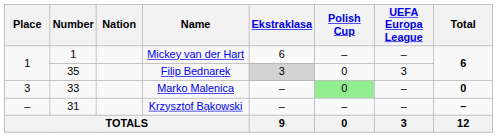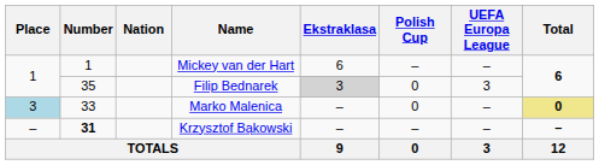 <table class="wikitable" style="font-size: 100%; text-align: center;">
 <tr>
 <th width=60>Place</th>
 <th width=60>Number</th>
 <th width=60>Nation</th>
 <th width=150>Name</th>
 <th width=80><a href='#'>Ekstraklasa</a></th>
 <th width=80><a href='#'>Polish Cup</a></th>
 <th width=80><a href='#'>UEFA Europa League</a></th>
 <th width=80>Total</th>
 </tr>
 <tr>
 <td rowspan="2">1</td>
 <td>1</td>
 <td></td>
 <td><a href='#'>Mickey van der Hart</a></td>
 <td>6</td>
 <td>–</td>
 <td>–</td>
 <td rowspan="2"><strong>6</strong></td>
 </tr>
 <tr>
 <td>35</td>
 <td></td>
 <td><a href='#'>Filip Bednarek</a></td>
 <td style="background: lightgrey;">3</td>
 <td>0</td>
 <td>3</td>
 </tr>
 <tr>
-<td rowspan="1">3</td>
+<td rowspan="1" style="background: lightblue;">3</td>
 <td>33</td>
 <td></td>
 <td><a href='#'>Marko Malenica</a></td>
 <td>–</td>
-<td style="background: lightgreen;">0</td>
+<td>0</td>
 <td>–</td>
-<td rowspan="1"><strong>0</strong></td>
+<td rowspan="1" style="background: khaki;"><strong>0</strong></td>
 </tr>
 <tr>
 <td rowspan="1">–</td>
-<td>31</td>
+<td><strong>31</strong></td>
 <td></td>
 <td><a href='#'>Krzysztof Bąkowski</a></td>
 <td>–</td>
 <td>–</td>
 <td>–</td>
 <td rowspan="1"><strong>–</strong></td>
 </tr>
 <tr>
 <th colspan="4">TOTALS</th>
 <th>9</th>
 <th>0</th>
 <th>3</th>
 <th>12</th>
 </tr>
 </table>
